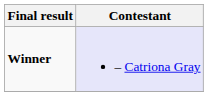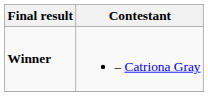 <table class="wikitable sortable" style="font-size:95%;">
 <tr>
 <th>Final result</th>
 <th>Contestant</th>
 </tr>
 <tr>
 <td><strong>Winner</strong></td>
-<td style="background: lavender;"><br><ul><li> – <a href='#'>Catriona Gray</a></li></ul></td>
+<td><br><ul><li> – <a href='#'>Catriona Gray</a></li></ul></td>
 </tr>
 <tr>
 </tr>
 </table>
